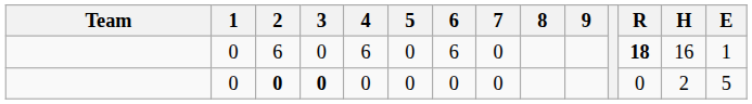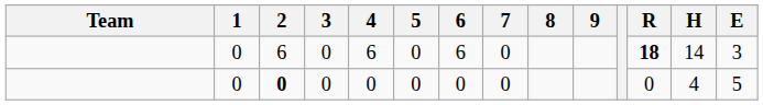 <table border=1 cellspacing=0 width=600 style="margin-left:3em;" class="wikitable">
 <tr style="text-align:center; background-color:#e6e6e6;">
 <th align=left width=28%>Team</th>
 <th width=6%>1</th>
 <th width=6%>2</th>
 <th width=6%>3</th>
 <th width=6%>4</th>
 <th width=6%>5</th>
 <th width=6%>6</th>
 <th width=6%>7</th>
 <th width=6%>8</th>
 <th width=6%>9</th>
 <th rowspan="3" width=0.5%></th>
 <th width=6%>R</th>
 <th width=6%>H</th>
 <th width=6%>E</th>
 </tr>
 <tr style="text-align:center;">
 <td align=left></td>
 <td>0</td>
 <td>6</td>
 <td>0</td>
 <td>6</td>
 <td>0</td>
 <td>6</td>
 <td>0</td>
 <td></td>
 <td></td>
 <td><strong>18</strong></td>
-<td>16</td>
-<td>1</td>
+<td>14</td>
+<td>3</td>
 </tr>
 <tr style="text-align:center;">
 <td align=left></td>
 <td>0</td>
 <td><strong>0</strong></td>
-<td><strong>0</strong></td>
+<td>0</td>
 <td>0</td>
 <td>0</td>
 <td>0</td>
 <td>0</td>
 <td></td>
 <td></td>
 <td>0</td>
-<td>2</td>
+<td>4</td>
 <td>5</td>
 </tr>
 </table>
